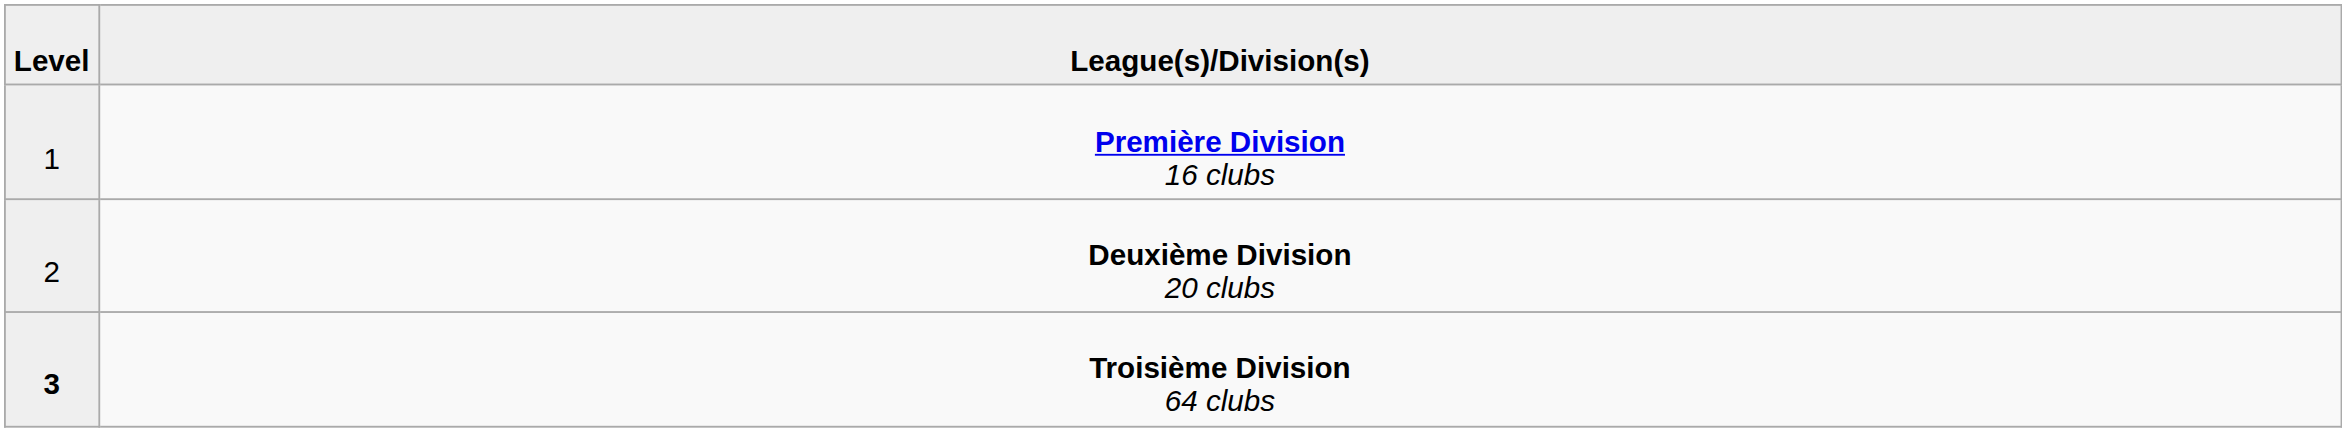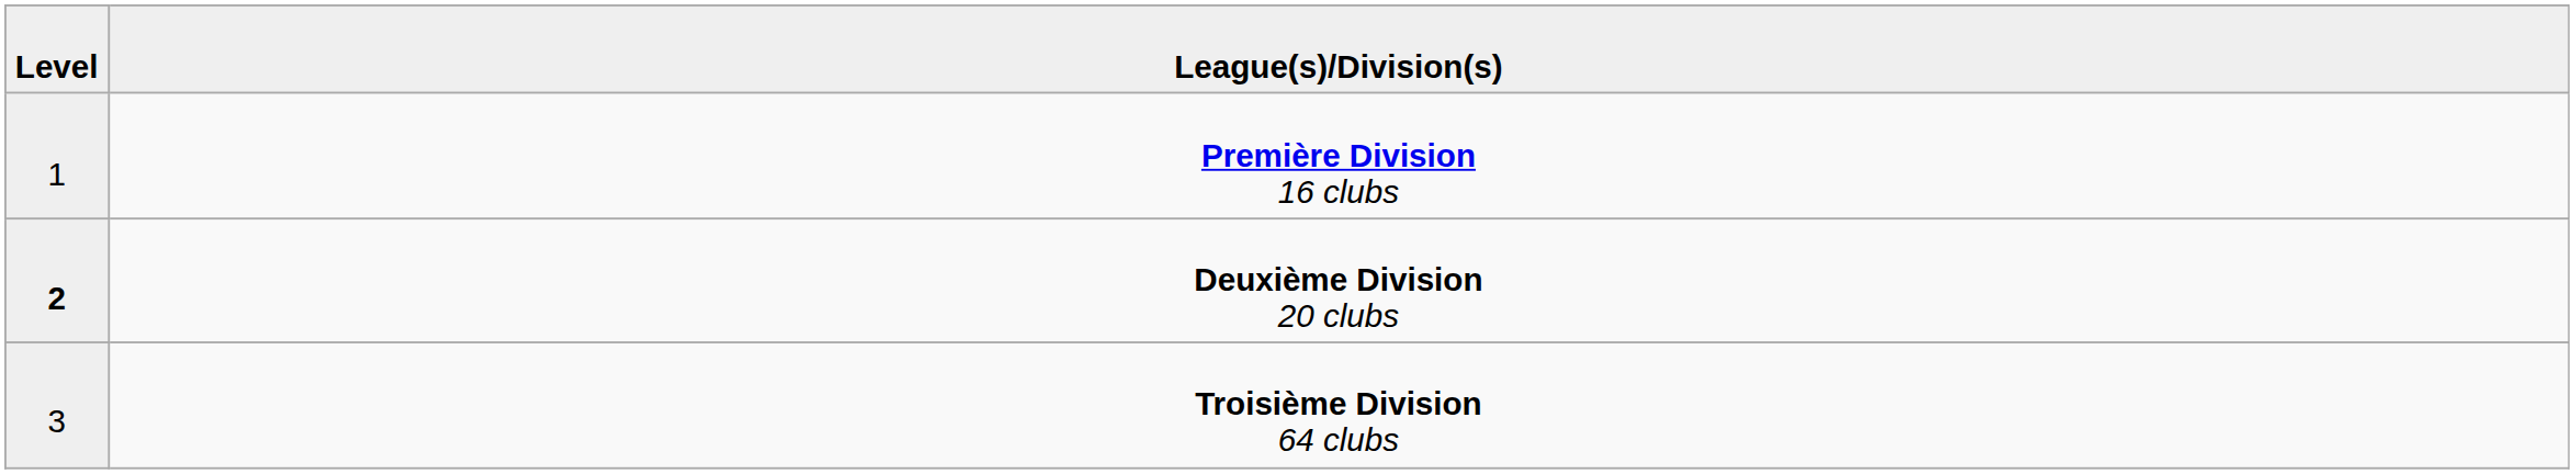 <table class="wikitable" style="text-align:center; width:100%;">
 <tr style="background:#efefef;">
 <td style="width:4%; text-align:center;"><br><strong>Level</strong></td>
 <td colspan="12"  style="width:96%; text-align:center;"><br><strong>League(s)/Division(s)</strong></td>
 </tr>
 <tr>
 <td style="text-align:center; width:4%; background:#efefef;"><br>1</td>
 <td colspan="12"  style="width:96%; text-align:center;"><br><strong><a href='#'>Première Division</a></strong><br> <em>16 clubs</em><br></td>
 </tr>
 <tr>
-<td style="text-align:center; width:4%; background:#efefef;"><br>2</td>
+<td style="text-align:center; width:4%; background:#efefef;"><strong><br>2</strong></td>
 <td colspan="12"  style="width:96%; text-align:center;"><br><strong>Deuxième Division</strong><br> <em>20 clubs</em><br></td>
 </tr>
 <tr>
-<td style="text-align:center; width:4%; background:#efefef;"><strong><br>3</strong></td>
+<td style="text-align:center; width:4%; background:#efefef;"><br>3</td>
 <td colspan="12"  style="width:96%; text-align:center;"><br><strong>Troisième Division</strong><br> <em>64 clubs</em><br></td>
 </tr>
 </table>
